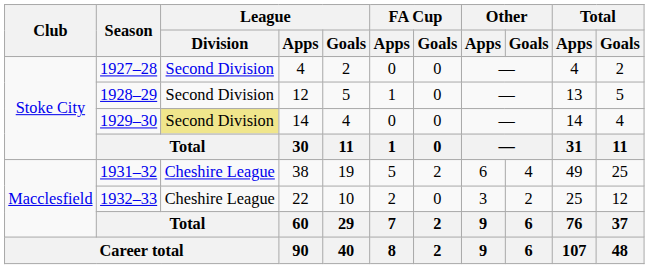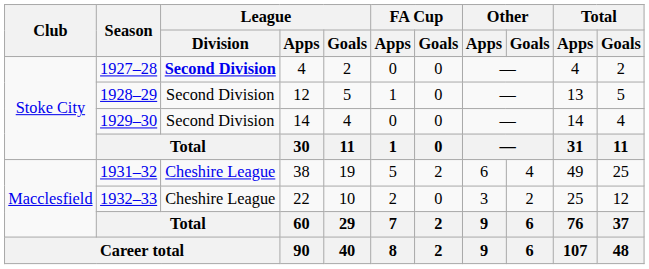 <table class="wikitable" style="text-align: center;">
 <tr>
 <th rowspan="2">Club</th>
 <th rowspan="2">Season</th>
 <th colspan="3">League</th>
 <th colspan="2">FA Cup</th>
 <th colspan="2">Other</th>
 <th colspan="2">Total</th>
 </tr>
 <tr>
 <th>Division</th>
 <th>Apps</th>
 <th>Goals</th>
 <th>Apps</th>
 <th>Goals</th>
 <th>Apps</th>
 <th>Goals</th>
 <th>Apps</th>
 <th>Goals</th>
 </tr>
 <tr>
 <td rowspan=4><a href='#'>Stoke City</a></td>
 <td><a href='#'>1927–28</a></td>
-<td><a href='#'>Second Division</a></td>
+<td><strong><a href='#'>Second Division</a></strong></td>
 <td>4</td>
 <td>2</td>
 <td>0</td>
 <td>0</td>
 <td colspan="2">—</td>
 <td>4</td>
 <td>2</td>
 </tr>
 <tr>
 <td><a href='#'>1928–29</a></td>
 <td>Second Division</td>
 <td>12</td>
 <td>5</td>
 <td>1</td>
 <td>0</td>
 <td colspan="2">—</td>
 <td>13</td>
 <td>5</td>
 </tr>
 <tr>
 <td><a href='#'>1929–30</a></td>
-<td style="background: khaki;">Second Division</td>
+<td>Second Division</td>
 <td>14</td>
 <td>4</td>
 <td>0</td>
 <td>0</td>
 <td colspan="2">—</td>
 <td>14</td>
 <td>4</td>
 </tr>
 <tr>
 <th colspan=2>Total</th>
 <th>30</th>
 <th>11</th>
 <th>1</th>
 <th>0</th>
 <th colspan="2">—</th>
 <th>31</th>
 <th>11</th>
 </tr>
 <tr>
 <td rowspan=3><a href='#'>Macclesfield</a></td>
 <td><a href='#'>1931–32</a></td>
 <td><a href='#'>Cheshire League</a></td>
 <td>38</td>
 <td>19</td>
 <td>5</td>
 <td>2</td>
 <td>6</td>
 <td>4</td>
 <td>49</td>
 <td>25</td>
 </tr>
 <tr>
 <td><a href='#'>1932–33</a></td>
 <td>Cheshire League</td>
 <td>22</td>
 <td>10</td>
 <td>2</td>
 <td>0</td>
 <td>3</td>
 <td>2</td>
 <td>25</td>
 <td>12</td>
 </tr>
 <tr>
 <th colspan=2>Total</th>
 <th>60</th>
 <th>29</th>
 <th>7</th>
 <th>2</th>
 <th>9</th>
 <th>6</th>
 <th>76</th>
 <th>37</th>
 </tr>
 <tr>
 <th colspan="3">Career total</th>
 <th>90</th>
 <th>40</th>
 <th>8</th>
 <th>2</th>
 <th>9</th>
 <th>6</th>
 <th>107</th>
 <th>48</th>
 </tr>
 </table>
